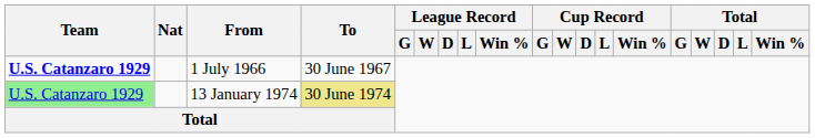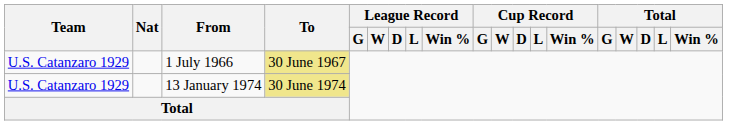 <table class="wikitable" style="text-align: center">
 <tr>
 <th rowspan="2">Team</th>
 <th rowspan="2">Nat</th>
 <th rowspan="2">From</th>
 <th rowspan="2">To</th>
 <th colspan="5">League Record</th>
 <th colspan="5">Cup Record</th>
 <th colspan="5">Total</th>
 </tr>
 <tr>
 <th>G</th>
 <th>W</th>
 <th>D</th>
 <th>L</th>
 <th>Win %</th>
 <th>G</th>
 <th>W</th>
 <th>D</th>
 <th>L</th>
 <th>Win %</th>
 <th>G</th>
 <th>W</th>
 <th>D</th>
 <th>L</th>
 <th>Win %</th>
 </tr>
 <tr>
-<td align=left><strong><a href='#'>U.S. Catanzaro 1929</a></strong></td>
+<td align=left><a href='#'>U.S. Catanzaro 1929</a></td>
 <td></td>
 <td align=left>1 July 1966</td>
-<td align=left>30 June 1967<br>  </td>
+<td align=left style="background: khaki;">30 June 1967<br>  </td>
 </tr>
 <tr>
-<td align=left style="background: lightgreen;"><a href='#'>U.S. Catanzaro 1929</a></td>
+<td align=left><a href='#'>U.S. Catanzaro 1929</a></td>
 <td></td>
 <td align=left>13 January 1974</td>
 <td align=left style="background: khaki;">30 June 1974<br>  </td>
 </tr>
 <tr>
 <th colspan="4">Total<br>  </th>
 </tr>
 </table>
